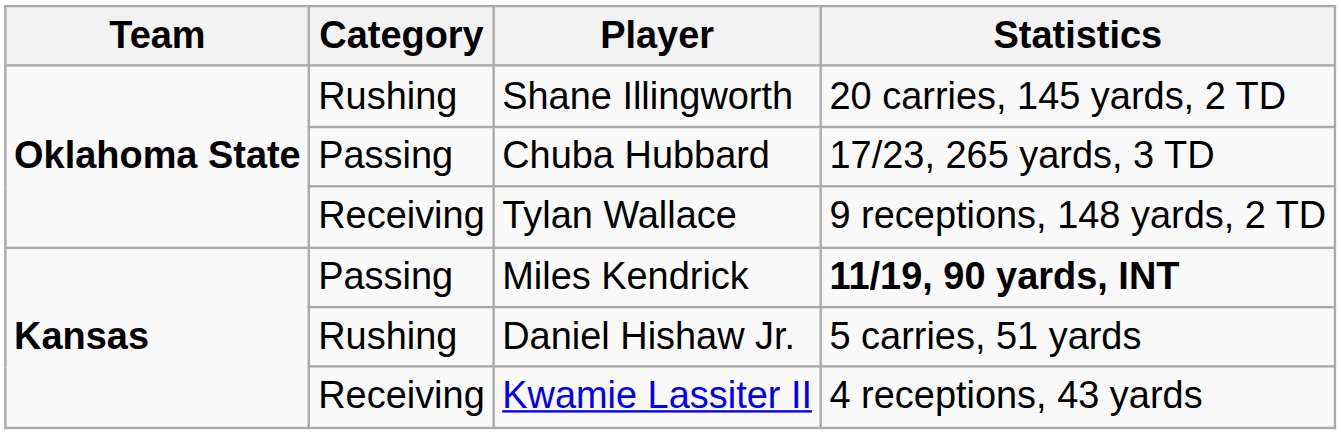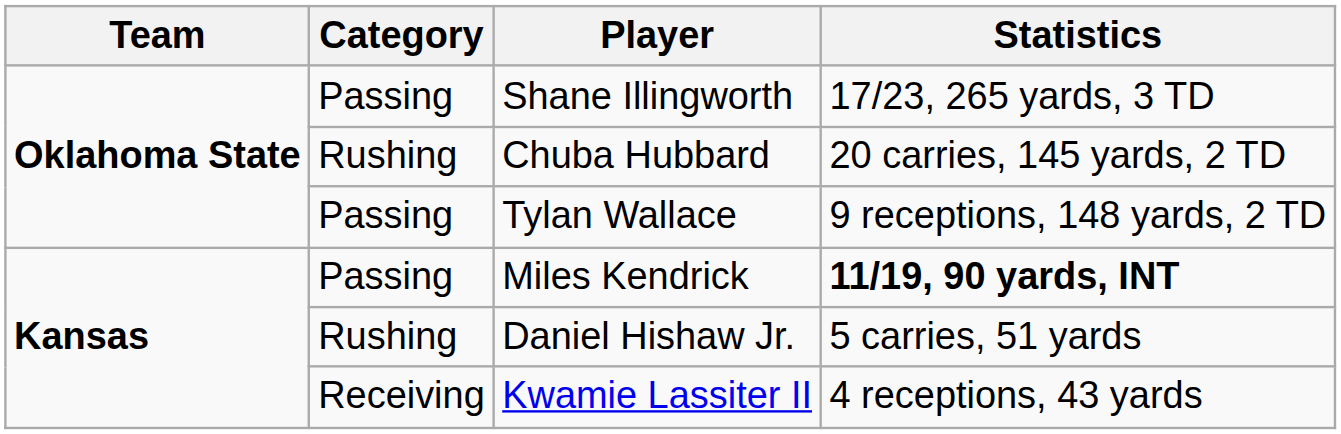 <table class="wikitable" style="float: right;">
 <tr>
 <th>Team</th>
 <th>Category</th>
 <th>Player</th>
 <th>Statistics</th>
 </tr>
 <tr>
 <td rowspan=3><strong>Oklahoma State</strong></td>
+<td>Passing</td>
+<td>Shane Illingworth</td>
+<td>17/23, 265 yards, 3 TD</td>
+</tr>
+<tr>
 <td>Rushing</td>
-<td>Shane Illingworth</td>
+<td>Chuba Hubbard</td>
 <td>20 carries, 145 yards, 2 TD</td>
 </tr>
 <tr>
 <td>Passing</td>
-<td>Chuba Hubbard</td>
-<td>17/23, 265 yards, 3 TD</td>
-</tr>
-<tr>
-<td>Receiving</td>
 <td>Tylan Wallace</td>
 <td>9 receptions, 148 yards, 2 TD</td>
 </tr>
 <tr>
 <td rowspan=3><strong>Kansas</strong></td>
 <td>Passing</td>
 <td>Miles Kendrick</td>
 <td><strong>11/19, 90 yards, INT</strong></td>
 </tr>
 <tr>
 <td>Rushing</td>
 <td>Daniel Hishaw Jr.</td>
 <td>5 carries, 51 yards</td>
 </tr>
 <tr>
 <td>Receiving</td>
 <td><a href='#'>Kwamie Lassiter II</a></td>
 <td>4 receptions, 43 yards</td>
 </tr>
 </table>
